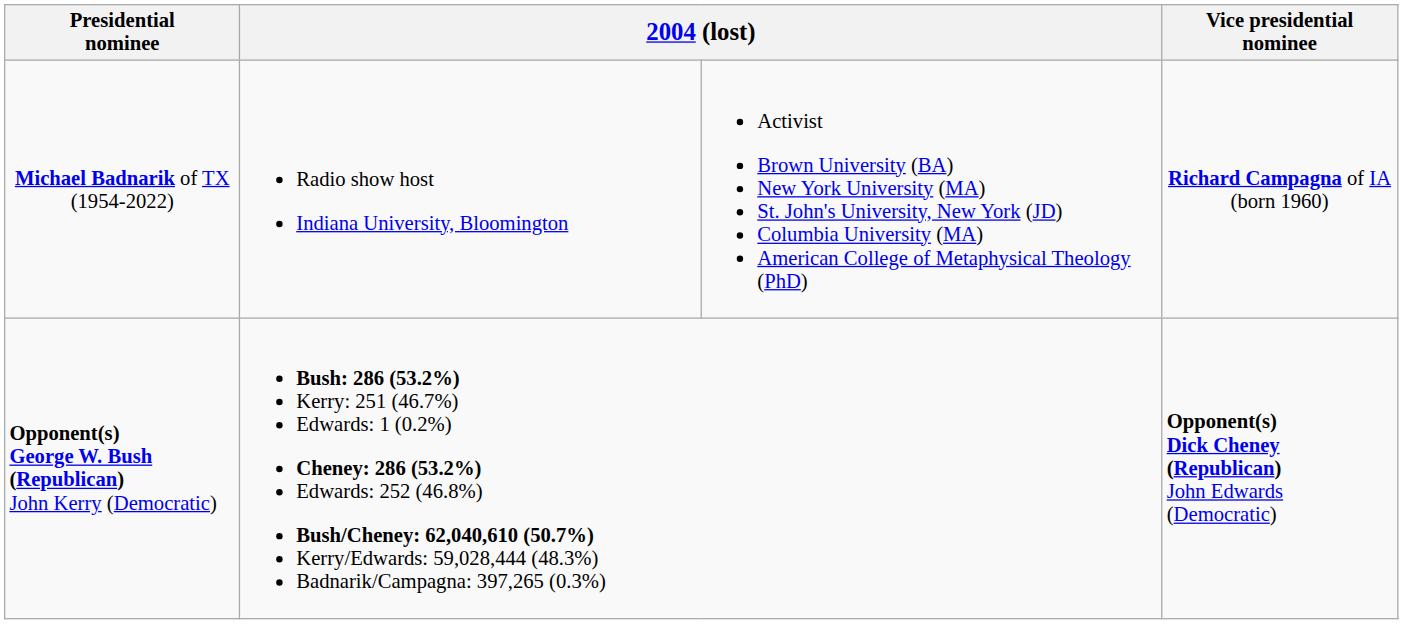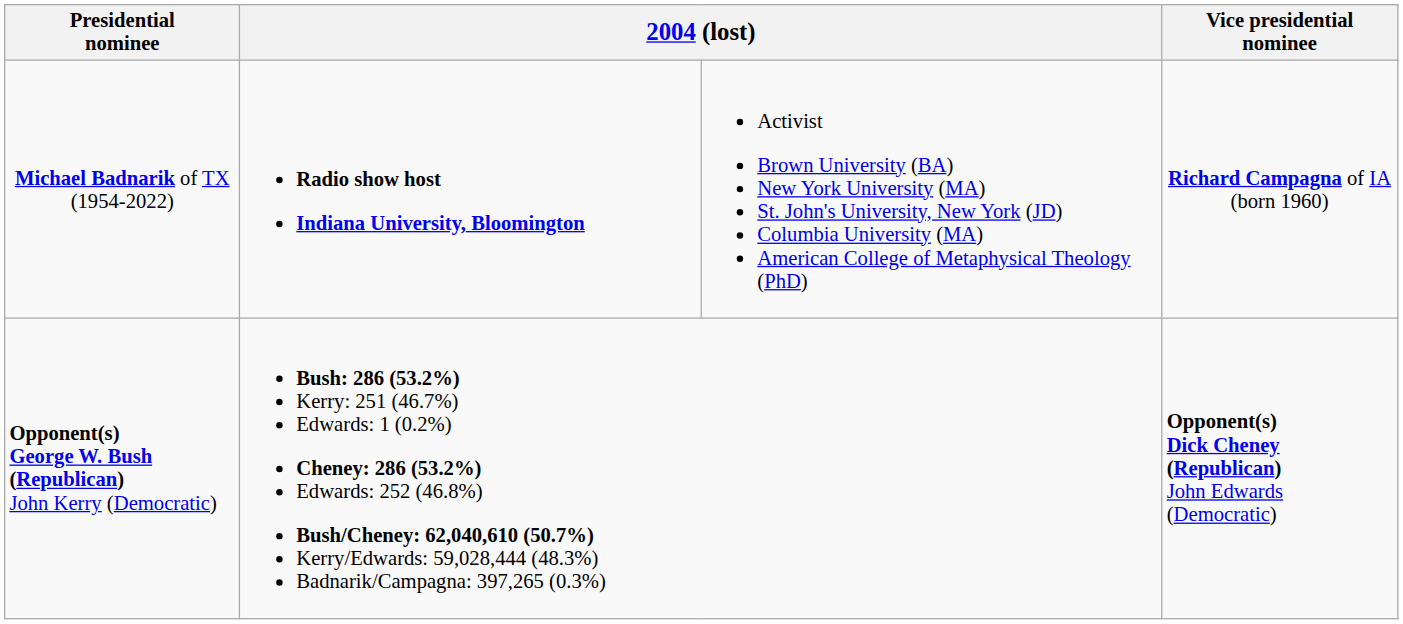 <table class="wikitable">
 <tr>
 <th width=175>Presidential<br>nominee</th>
 <th colspan=2><big><a href='#'>2004</a> (lost)</big></th>
 <th width=175>Vice presidential<br>nominee</th>
 </tr>
 <tr>
 <td style="text-align:center;"><strong><a href='#'>Michael Badnarik</a></strong> of <a href='#'>TX</a><br>(1954-2022)<br></td>
-<td width=350><br><ul><li>Radio show host</li></ul><ul><li><a href='#'>Indiana University, Bloomington</a></li></ul></td>
+<td width=350><strong><br><ul><li>Radio show host</li></ul><ul><li><a href='#'>Indiana University, Bloomington</a></li></ul></strong></td>
 <td width=350><br><ul><li>Activist</li></ul><ul><li><a href='#'>Brown University</a> (<a href='#'>BA</a>)</li><li><a href='#'>New York University</a> (<a href='#'>MA</a>)</li><li><a href='#'>St. John's University, New York</a> (<a href='#'>JD</a>)</li><li><a href='#'>Columbia University</a> (<a href='#'>MA</a>)</li><li><a href='#'>American College of Metaphysical Theology</a> (<a href='#'>PhD</a>)</li></ul></td>
 <td style="text-align:center;"><strong><a href='#'>Richard Campagna</a></strong> of <a href='#'>IA</a><br>(born 1960)<br></td>
 </tr>
 <tr>
 <td><strong>Opponent(s)</strong><br><strong><a href='#'>George W. Bush</a> (<a href='#'>Republican</a>)</strong><br><a href='#'>John Kerry</a> (<a href='#'>Democratic</a>)</td>
 <td colspan=2><br><ul><li><strong>Bush: 286 (53.2%)</strong></li><li>Kerry: 251 (46.7%)</li><li>Edwards: 1 (0.2%)</li></ul><ul><li><strong>Cheney: 286 (53.2%)</strong></li><li>Edwards: 252 (46.8%)</li></ul><ul><li><strong>Bush/Cheney: 62,040,610 (50.7%)</strong></li><li>Kerry/Edwards: 59,028,444 (48.3%)</li><li>Badnarik/Campagna: 397,265 (0.3%)</li></ul></td>
 <td><strong>Opponent(s)</strong><br><strong><a href='#'>Dick Cheney</a> (<a href='#'>Republican</a>)</strong><br><a href='#'>John Edwards</a> (<a href='#'>Democratic</a>)</td>
 </tr>
 </table>
